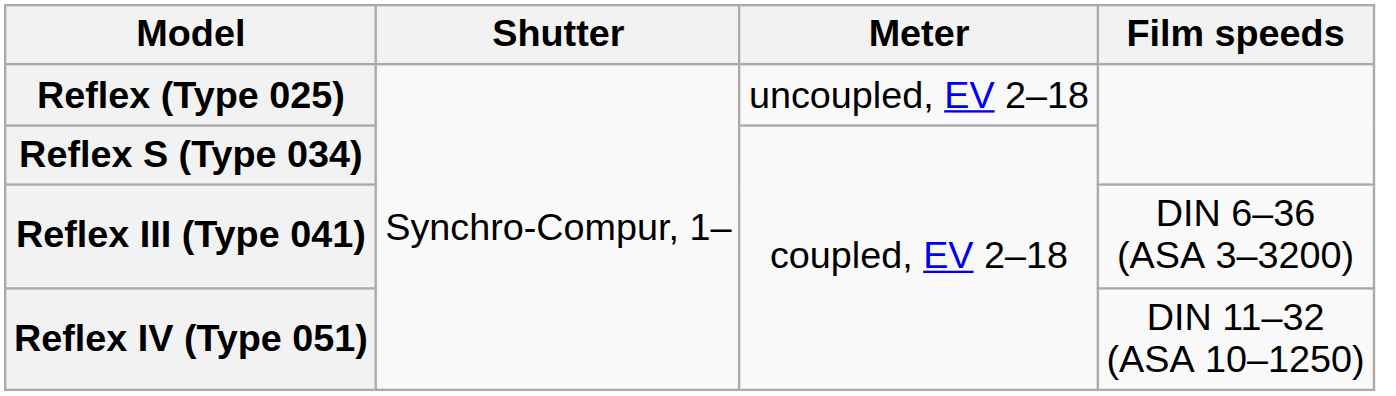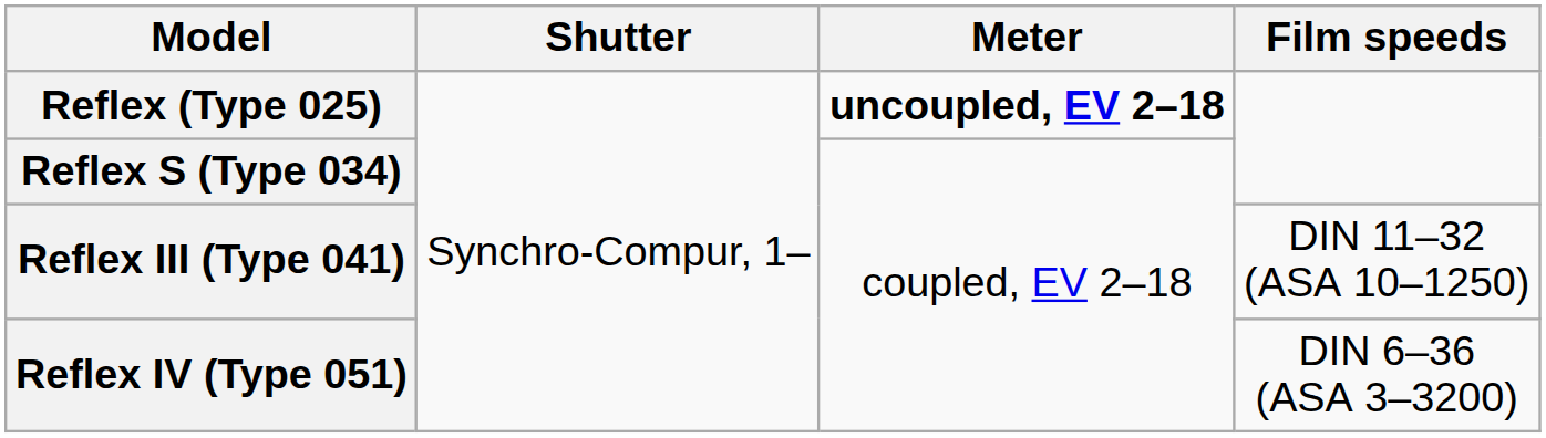 <table class="wikitable sortable" style="font-size:100%;text-align:center;">
 <tr>
 <th>Model</th>
 <th>Shutter</th>
 <th>Meter</th>
 <th>Film speeds</th>
 </tr>
 <tr>
 <th>Reflex (Type 025)</th>
 <td rowspan=4>Synchro-Compur, 1–</td>
-<td>uncoupled, <a href='#'>EV</a> 2–18</td>
+<td><strong>uncoupled, <a href='#'>EV</a> 2–18</strong></td>
 </tr>
 <tr>
 <th>Reflex S (Type 034)</th>
 <td rowspan=3>coupled, <a href='#'>EV</a> 2–18</td>
 </tr>
 <tr>
 <th>Reflex III (Type 041)</th>
-<td>DIN 6–36<br>(ASA 3–3200)</td>
+<td>DIN 11–32<br>(ASA 10–1250)</td>
 </tr>
 <tr>
 <th>Reflex IV (Type 051)</th>
-<td>DIN 11–32<br>(ASA 10–1250)</td>
+<td>DIN 6–36<br>(ASA 3–3200)</td>
 </tr>
 </table>
